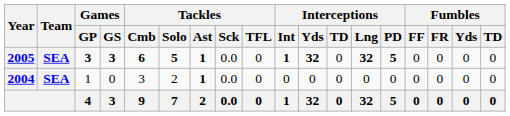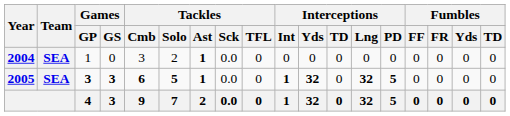 <table class="wikitable" style="text-align:center">
 <tr>
 <th rowspan="2">Year</th>
 <th rowspan="2">Team</th>
 <th colspan="2">Games</th>
 <th colspan="5">Tackles</th>
 <th colspan="5">Interceptions</th>
 <th colspan="4">Fumbles</th>
 </tr>
 <tr>
 <th>GP</th>
 <th>GS</th>
 <th>Cmb</th>
 <th>Solo</th>
 <th>Ast</th>
 <th>Sck</th>
 <th>TFL</th>
 <th>Int</th>
 <th>Yds</th>
 <th>TD</th>
 <th>Lng</th>
 <th>PD</th>
 <th>FF</th>
 <th>FR</th>
 <th>Yds</th>
 <th>TD</th>
 </tr>
 <tr>
+<th><a href='#'>2004</a></th>
+<th><a href='#'>SEA</a></th>
+<td>1</td>
+<td>0</td>
+<td>3</td>
+<td>2</td>
+<td><strong>1</strong></td>
+<td>0.0</td>
+<td>0</td>
+<td>0</td>
+<td>0</td>
+<td>0</td>
+<td>0</td>
+<td>0</td>
+<td>0</td>
+<td>0</td>
+<td>0</td>
+<td>0</td>
+</tr>
+<tr>
 <th><a href='#'>2005</a></th>
 <th><a href='#'>SEA</a></th>
 <td><strong>3</strong></td>
 <td><strong>3</strong></td>
 <td><strong>6</strong></td>
 <td><strong>5</strong></td>
 <td><strong>1</strong></td>
 <td>0.0</td>
 <td>0</td>
 <td><strong>1</strong></td>
 <td><strong>32</strong></td>
 <td>0</td>
 <td><strong>32</strong></td>
 <td><strong>5</strong></td>
-<td>0</td>
-<td>0</td>
-<td>0</td>
-<td>0</td>
-</tr>
-<tr>
-<th><a href='#'>2004</a></th>
-<th><a href='#'>SEA</a></th>
-<td>1</td>
-<td>0</td>
-<td>3</td>
-<td>2</td>
-<td><strong>1</strong></td>
-<td>0.0</td>
-<td>0</td>
-<td>0</td>
-<td>0</td>
-<td>0</td>
-<td>0</td>
-<td>0</td>
 <td>0</td>
 <td>0</td>
 <td>0</td>
 <td>0</td>
 </tr>
 <tr>
 <th colspan="2"></th>
 <th>4</th>
 <th>3</th>
 <th>9</th>
 <th>7</th>
 <th>2</th>
 <th>0.0</th>
 <th>0</th>
 <th>1</th>
 <th>32</th>
 <th>0</th>
 <th>32</th>
 <th>5</th>
 <th>0</th>
 <th>0</th>
 <th>0</th>
 <th>0</th>
 </tr>
 </table>
